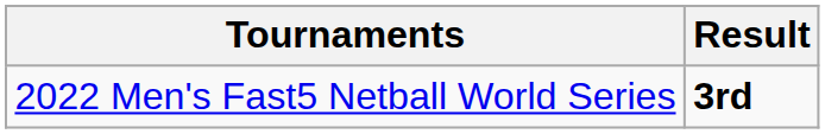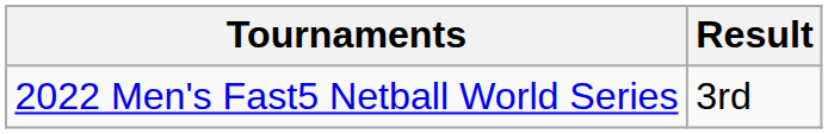 <table class="wikitable collapsible">
 <tr>
 <th>Tournaments</th>
 <th>Result</th>
 </tr>
 <tr>
 <td><a href='#'>2022 Men's Fast5 Netball World Series</a></td>
-<td><strong>3rd</strong></td>
+<td>3rd</td>
 </tr>
 </table>
